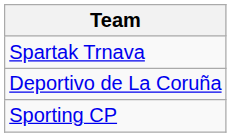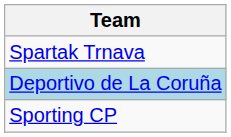 <table class= "wikitable">
 <tr>
 <th>Team</th>
 </tr>
 <tr>
 <td> <a href='#'>Spartak Trnava</a></td>
 </tr>
 <tr>
-<td> <a href='#'>Deportivo de La Coruña</a></td>
+<td style="background: lightblue;"> <a href='#'>Deportivo de La Coruña</a></td>
 </tr>
 <tr>
 <td> <a href='#'>Sporting CP</a></td>
 </tr>
 </table>
